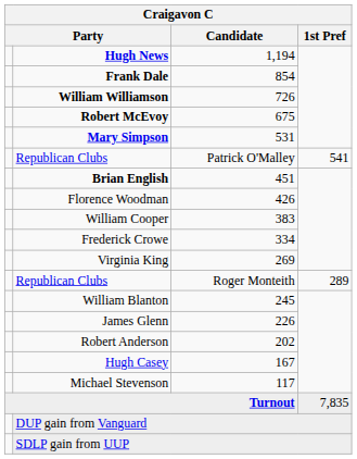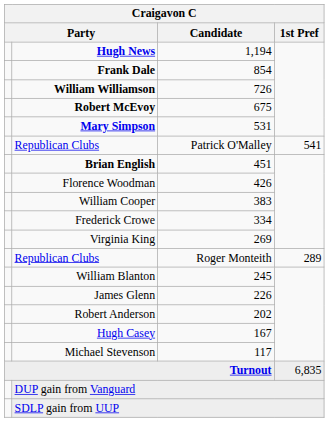 <table class="wikitable">
 <tr>
 <th colspan="4" align="center">Craigavon C</th>
 </tr>
 <tr>
 <th colspan="2" align="center" width=200>Party</th>
 <th width=150>Candidate</th>
 <th width=60>1st Pref</th>
 </tr>
 <tr>
 <td></td>
 <td align="right"><strong><a href='#'>Hugh News</a></strong></td>
 <td align="right">1,194</td>
 </tr>
 <tr>
 <td></td>
 <td align="right"><strong>Frank Dale</strong></td>
 <td align="right">854</td>
 </tr>
 <tr>
 <td></td>
 <td align="right"><strong>William Williamson</strong></td>
 <td align="right">726</td>
 </tr>
 <tr>
 <td></td>
 <td align="right"><strong>Robert McEvoy</strong></td>
 <td align="right">675</td>
 </tr>
 <tr>
 <td></td>
 <td align="right"><strong><a href='#'>Mary Simpson</a></strong></td>
 <td align="right">531</td>
 </tr>
 <tr>
 <td style="background-color: "></td>
 <td><a href='#'>Republican Clubs</a></td>
 <td align="right">Patrick O'Malley</td>
 <td align="right">541</td>
 </tr>
 <tr>
 <td></td>
 <td align="right"><strong>Brian English</strong></td>
 <td align="right">451</td>
 </tr>
 <tr>
 <td></td>
 <td align="right">Florence Woodman</td>
 <td align="right">426</td>
 </tr>
 <tr>
 <td></td>
 <td align="right">William Cooper</td>
 <td align="right">383</td>
 </tr>
 <tr>
 <td></td>
 <td align="right">Frederick Crowe</td>
 <td align="right">334</td>
 </tr>
 <tr>
 <td></td>
 <td align="right">Virginia King</td>
 <td align="right">269</td>
 </tr>
 <tr>
 <td style="background-color: "></td>
 <td><a href='#'>Republican Clubs</a></td>
 <td align="right">Roger Monteith</td>
 <td align="right">289</td>
 </tr>
 <tr>
 <td></td>
 <td align="right">William Blanton</td>
 <td align="right">245</td>
 </tr>
 <tr>
 <td></td>
 <td align="right">James Glenn</td>
 <td align="right">226</td>
 </tr>
 <tr>
 <td></td>
 <td align="right">Robert Anderson</td>
 <td align="right">202</td>
 </tr>
 <tr>
 <td></td>
 <td align="right"><a href='#'>Hugh Casey</a></td>
 <td align="right">167</td>
 </tr>
 <tr>
 <td></td>
 <td align="right">Michael Stevenson</td>
 <td align="right">117</td>
 </tr>
 <tr bgcolor="EEEEEE">
 <td colspan=3 align="right"><strong><a href='#'>Turnout</a></strong></td>
-<td align="right">7,835</td>
+<td align="right">6,835</td>
 </tr>
 <tr>
 <td bgcolor=></td>
 <td colspan=3 bgcolor="EEEEEE"><a href='#'>DUP</a> gain from <a href='#'>Vanguard</a></td>
 </tr>
 <tr>
 <td bgcolor=></td>
 <td colspan=3 bgcolor="EEEEEE"><a href='#'>SDLP</a> gain from <a href='#'>UUP</a></td>
 </tr>
 </table>
